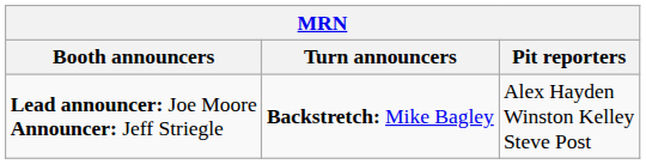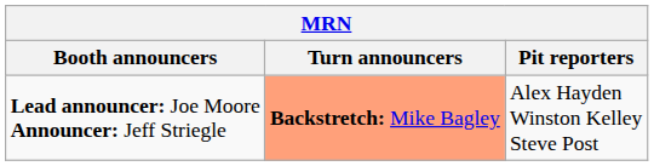 <table class="wikitable" style="font-size: 95%;">
 <tr>
 <th colspan="3"><a href='#'>MRN</a></th>
 </tr>
 <tr>
 <th>Booth announcers</th>
 <th>Turn announcers</th>
 <th>Pit reporters</th>
 </tr>
 <tr>
 <td><strong>Lead announcer:</strong> Joe Moore<br><strong>Announcer:</strong> Jeff Striegle</td>
-<td><strong>Backstretch:</strong> <a href='#'>Mike Bagley</a></td>
+<td style="background: lightsalmon;"><strong>Backstretch:</strong> <a href='#'>Mike Bagley</a></td>
 <td>Alex Hayden<br>Winston Kelley<br>Steve Post</td>
 </tr>
 </table>
